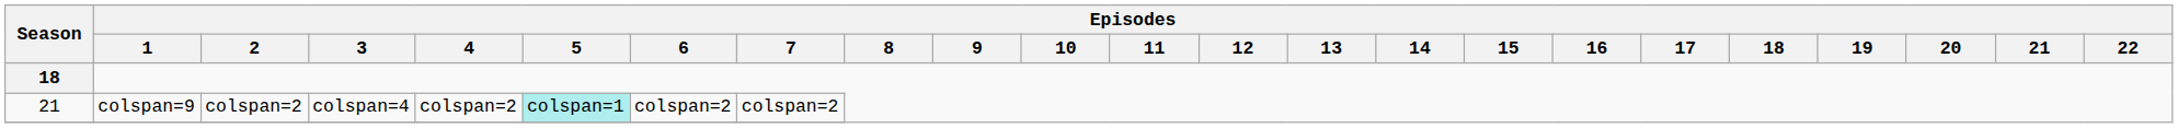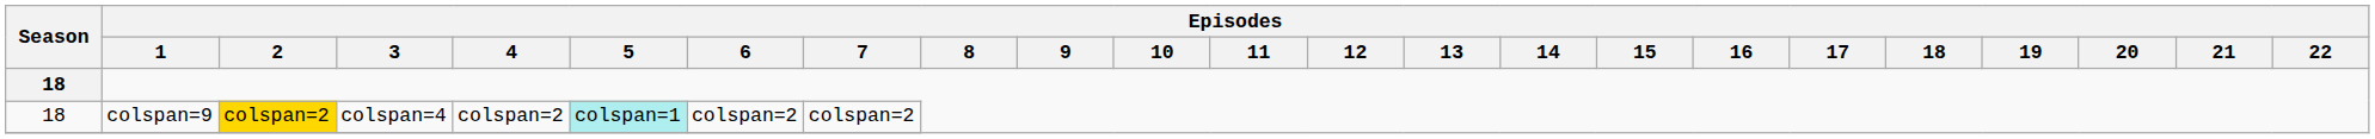 <table class="wikitable">
 <tr>
 <th rowspan=2>Season</th>
 <th colspan=22>Episodes</th>
 </tr>
 <tr>
 <th style="width:4%;">1</th>
 <th style="width:4%;">2</th>
 <th style="width:4%;">3</th>
 <th style="width:4%;">4</th>
 <th style="width:4%;">5</th>
 <th style="width:4%;">6</th>
 <th style="width:4%;">7</th>
 <th style="width:4%;">8</th>
 <th style="width:4%;">9</th>
 <th style="width:4%;">10</th>
 <th style="width:4%;">11</th>
 <th style="width:4%;">12</th>
 <th style="width:4%;">13</th>
 <th style="width:4%;">14</th>
 <th style="width:4%;">15</th>
 <th style="width:4%;">16</th>
 <th style="width:4%;">17</th>
 <th style="width:4%;">18</th>
 <th style="width:4%;">19</th>
 <th style="width:4%;">20</th>
 <th style="width:4%;">21</th>
 <th style="width:4%;">22</th>
 </tr>
 <tr>
 <th style="width:4%;">18</th>
 </tr>
 <tr>
-<td style="text-align:center;">21</td>
+<td style="text-align:center;">18</td>
 <td>colspan=9 </td>
-<td>colspan=2 </td>
+<td style="background: gold;">colspan=2 </td>
 <td>colspan=4 </td>
 <td>colspan=2 </td>
 <td style="background: paleturquoise;">colspan=1 </td>
 <td>colspan=2 </td>
 <td>colspan=2 </td>
 </tr>
 <tr>
 </tr>
 </table>
